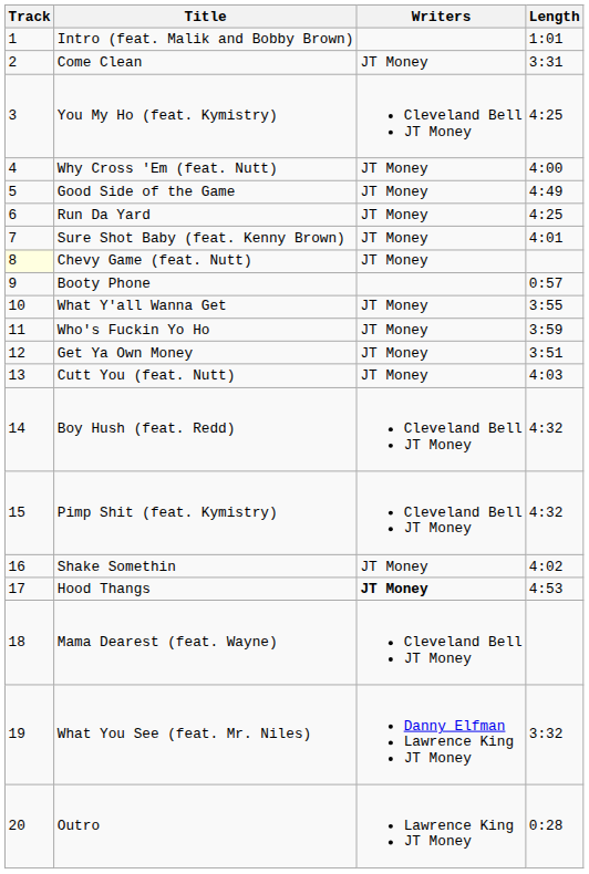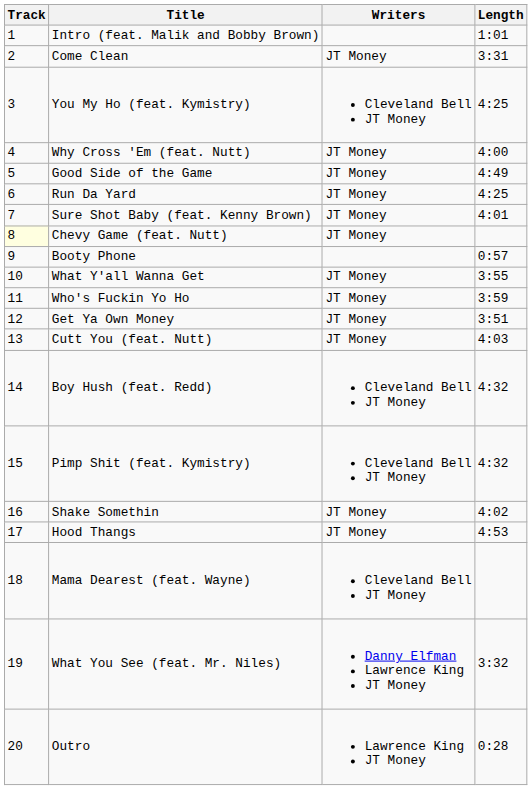 <table class="wikitable" border="1">
 <tr>
 <th>Track</th>
 <th>Title</th>
 <th>Writers</th>
 <th>Length</th>
 </tr>
 <tr>
 <td>1</td>
 <td>Intro (feat. Malik and Bobby Brown)</td>
 <td></td>
 <td>1:01</td>
 </tr>
 <tr>
 <td>2</td>
 <td>Come Clean</td>
 <td>JT Money</td>
 <td>3:31</td>
 </tr>
 <tr>
 <td>3</td>
 <td>You My Ho (feat. Kymistry)</td>
 <td><br><ul><li>Cleveland Bell</li><li>JT Money</li></ul></td>
 <td>4:25</td>
 </tr>
 <tr>
 <td>4</td>
 <td>Why Cross 'Em (feat. Nutt)</td>
 <td>JT Money</td>
 <td>4:00</td>
 </tr>
 <tr>
 <td>5</td>
 <td>Good Side of the Game</td>
 <td>JT Money</td>
 <td>4:49</td>
 </tr>
 <tr>
 <td>6</td>
 <td>Run Da Yard</td>
 <td>JT Money</td>
 <td>4:25</td>
 </tr>
 <tr>
 <td>7</td>
 <td>Sure Shot Baby (feat. Kenny Brown)</td>
 <td>JT Money</td>
 <td>4:01</td>
 </tr>
 <tr>
 <td style="background: lightyellow;">8</td>
 <td>Chevy Game (feat. Nutt)</td>
 <td>JT Money</td>
 </tr>
 <tr>
 <td>9</td>
 <td>Booty Phone</td>
 <td></td>
 <td>0:57</td>
 </tr>
 <tr>
 <td>10</td>
 <td>What Y'all Wanna Get</td>
 <td>JT Money</td>
 <td>3:55</td>
 </tr>
 <tr>
 <td>11</td>
 <td>Who's Fuckin Yo Ho</td>
 <td>JT Money</td>
 <td>3:59</td>
 </tr>
 <tr>
 <td>12</td>
 <td>Get Ya Own Money</td>
 <td>JT Money</td>
 <td>3:51</td>
 </tr>
 <tr>
 <td>13</td>
 <td>Cutt You (feat. Nutt)</td>
 <td>JT Money</td>
 <td>4:03</td>
 </tr>
 <tr>
 <td>14</td>
 <td>Boy Hush (feat. Redd)</td>
 <td><br><ul><li>Cleveland Bell</li><li>JT Money</li></ul></td>
 <td>4:32</td>
 </tr>
 <tr>
 <td>15</td>
 <td>Pimp Shit (feat. Kymistry)</td>
 <td><br><ul><li>Cleveland Bell</li><li>JT Money</li></ul></td>
 <td>4:32</td>
 </tr>
 <tr>
 <td>16</td>
 <td>Shake Somethin</td>
 <td>JT Money</td>
 <td>4:02</td>
 </tr>
 <tr>
 <td>17</td>
 <td>Hood Thangs</td>
-<td><strong>JT Money</strong></td>
+<td>JT Money</td>
 <td>4:53</td>
 </tr>
 <tr>
 <td>18</td>
 <td>Mama Dearest (feat. Wayne)</td>
 <td><br><ul><li>Cleveland Bell</li><li>JT Money</li></ul></td>
 </tr>
 <tr>
 <td>19</td>
 <td>What You See (feat. Mr. Niles)</td>
 <td><br><ul><li><a href='#'>Danny Elfman</a></li><li>Lawrence King</li><li>JT Money</li></ul></td>
 <td>3:32</td>
 </tr>
 <tr>
 <td>20</td>
 <td>Outro</td>
 <td><br><ul><li>Lawrence King</li><li>JT Money</li></ul></td>
 <td>0:28</td>
 </tr>
 </table>
